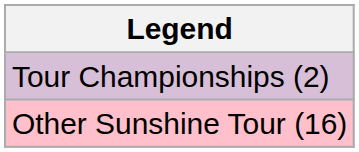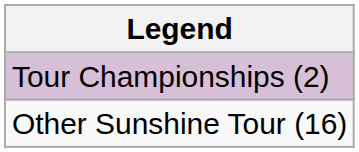 <table class="wikitable" style="font-size:95%;">
 <tr>
 <th>Legend</th>
 </tr>
 <tr style="background:thistle;">
 <td>Tour Championships (2)</td>
 </tr>
 <tr>
-<td style="background: pink;">Other Sunshine Tour (16)</td>
+<td>Other Sunshine Tour (16)</td>
 </tr>
 </table>
